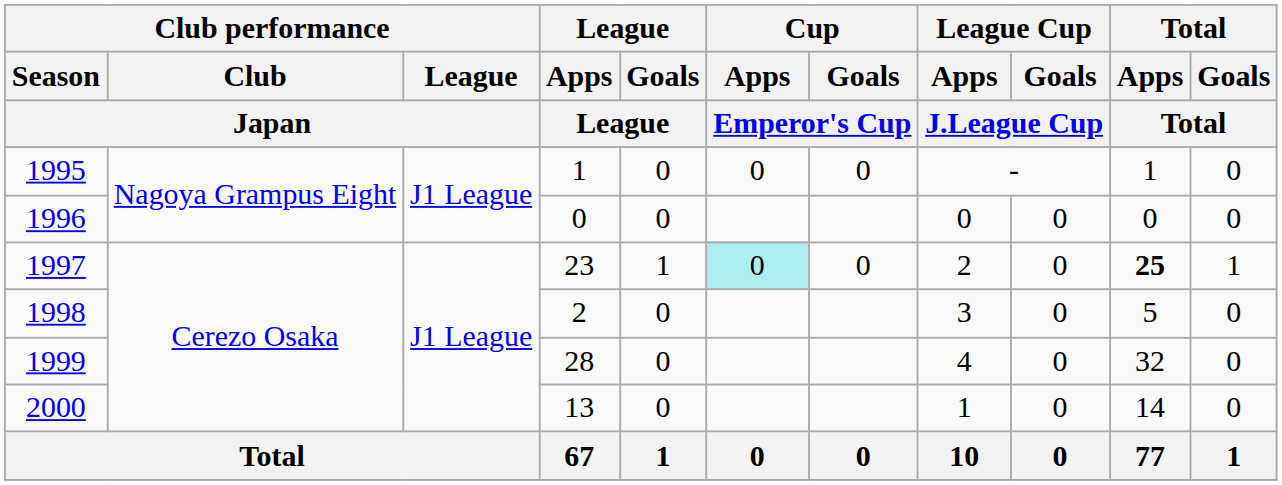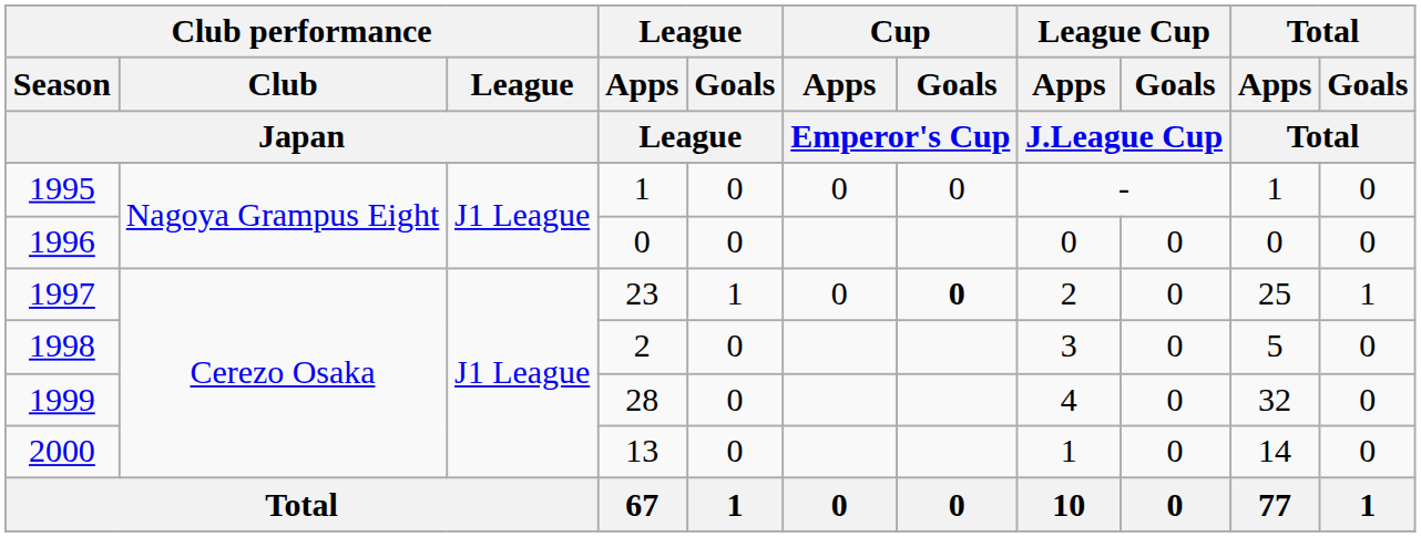 <table class="wikitable" style="text-align:center;">
 <tr>
 <th colspan=3>Club performance</th>
 <th colspan=2>League</th>
 <th colspan=2>Cup</th>
 <th colspan=2>League Cup</th>
 <th colspan=2>Total</th>
 </tr>
 <tr>
 <th>Season</th>
 <th>Club</th>
 <th>League</th>
 <th>Apps</th>
 <th>Goals</th>
 <th>Apps</th>
 <th>Goals</th>
 <th>Apps</th>
 <th>Goals</th>
 <th>Apps</th>
 <th>Goals</th>
 </tr>
 <tr>
 <th colspan=3>Japan</th>
 <th colspan=2>League</th>
 <th colspan=2><a href='#'>Emperor's Cup</a></th>
 <th colspan=2><a href='#'>J.League Cup</a></th>
 <th colspan=2>Total</th>
 </tr>
 <tr>
 <td><a href='#'>1995</a></td>
 <td rowspan="2"><a href='#'>Nagoya Grampus Eight</a></td>
 <td rowspan="2"><a href='#'>J1 League</a></td>
 <td>1</td>
 <td>0</td>
 <td>0</td>
 <td>0</td>
 <td colspan="2">-</td>
 <td>1</td>
 <td>0</td>
 </tr>
 <tr>
 <td><a href='#'>1996</a></td>
 <td>0</td>
 <td>0</td>
 <td></td>
 <td></td>
 <td>0</td>
 <td>0</td>
 <td>0</td>
 <td>0</td>
 </tr>
 <tr>
 <td><a href='#'>1997</a></td>
 <td rowspan="4"><a href='#'>Cerezo Osaka</a></td>
 <td rowspan="4"><a href='#'>J1 League</a></td>
 <td>23</td>
 <td>1</td>
-<td style="background: paleturquoise;">0</td>
 <td>0</td>
+<td><strong>0</strong></td>
 <td>2</td>
 <td>0</td>
-<td><strong>25</strong></td>
+<td>25</td>
 <td>1</td>
 </tr>
 <tr>
 <td><a href='#'>1998</a></td>
 <td>2</td>
 <td>0</td>
 <td></td>
 <td></td>
 <td>3</td>
 <td>0</td>
 <td>5</td>
 <td>0</td>
 </tr>
 <tr>
 <td><a href='#'>1999</a></td>
 <td>28</td>
 <td>0</td>
 <td></td>
 <td></td>
 <td>4</td>
 <td>0</td>
 <td>32</td>
 <td>0</td>
 </tr>
 <tr>
 <td><a href='#'>2000</a></td>
 <td>13</td>
 <td>0</td>
 <td></td>
 <td></td>
 <td>1</td>
 <td>0</td>
 <td>14</td>
 <td>0</td>
 </tr>
 <tr>
 <th colspan=3>Total</th>
 <th>67</th>
 <th>1</th>
 <th>0</th>
 <th>0</th>
 <th>10</th>
 <th>0</th>
 <th>77</th>
 <th>1</th>
 </tr>
 </table>
